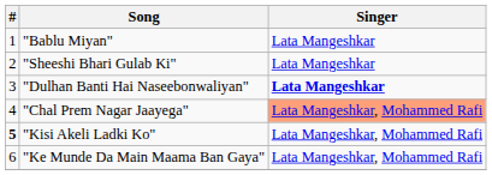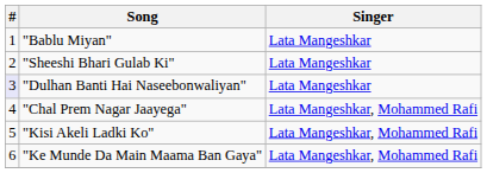 <table class="wikitable">
 <tr>
 <th>#</th>
 <th>Song</th>
 <th>Singer</th>
 </tr>
 <tr>
 <td>1</td>
 <td>"Bablu Miyan"</td>
 <td><a href='#'>Lata Mangeshkar</a></td>
 </tr>
 <tr>
 <td>2</td>
 <td>"Sheeshi Bhari Gulab Ki"</td>
 <td><a href='#'>Lata Mangeshkar</a></td>
 </tr>
 <tr>
-<td>3</td>
+<td style="background: lavender;">3</td>
 <td>"Dulhan Banti Hai Naseebonwaliyan"</td>
-<td><strong><a href='#'>Lata Mangeshkar</a></strong></td>
+<td><a href='#'>Lata Mangeshkar</a></td>
 </tr>
 <tr>
 <td>4</td>
 <td>"Chal Prem Nagar Jaayega"</td>
-<td style="background: lightsalmon;"><a href='#'>Lata Mangeshkar</a>, <a href='#'>Mohammed Rafi</a></td>
+<td><a href='#'>Lata Mangeshkar</a>, <a href='#'>Mohammed Rafi</a></td>
 </tr>
 <tr>
-<td><strong>5</strong></td>
+<td>5</td>
 <td>"Kisi Akeli Ladki Ko"</td>
 <td><a href='#'>Lata Mangeshkar</a>, <a href='#'>Mohammed Rafi</a></td>
 </tr>
 <tr>
 <td>6</td>
 <td>"Ke Munde Da Main Maama Ban Gaya"</td>
 <td><a href='#'>Lata Mangeshkar</a>, <a href='#'>Mohammed Rafi</a></td>
 </tr>
 <tr>
 </tr>
 </table>
